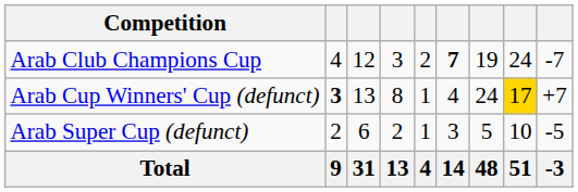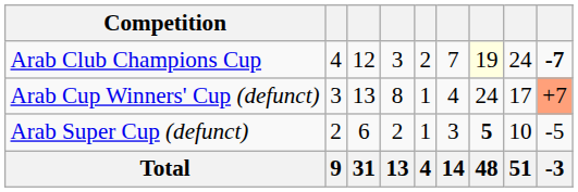 <table class="wikitable" style="text-align:center">
 <tr>
 <th>Competition</th>
 <th></th>
 <th></th>
 <th></th>
 <th></th>
 <th></th>
 <th></th>
 <th></th>
 <th></th>
 </tr>
 <tr>
 <td align=left><a href='#'>Arab Club Champions Cup</a></td>
 <td>4</td>
 <td>12</td>
 <td>3</td>
 <td>2</td>
-<td><strong>7</strong></td>
-<td>19</td>
+<td>7</td>
+<td style="background: lightyellow;">19</td>
 <td>24</td>
-<td>-7</td>
+<td><strong>-7</strong></td>
 </tr>
 <tr>
 <td align=left><a href='#'>Arab Cup Winners' Cup</a> <em>(defunct)</em></td>
-<td><strong>3</strong></td>
+<td>3</td>
 <td>13</td>
 <td>8</td>
 <td>1</td>
 <td>4</td>
 <td>24</td>
-<td style="background: gold;">17</td>
-<td>+7</td>
+<td>17</td>
+<td style="background: lightsalmon;">+7</td>
 </tr>
 <tr>
 <td align=left><a href='#'>Arab Super Cup</a> <em>(defunct)</em></td>
 <td>2</td>
 <td>6</td>
 <td>2</td>
 <td>1</td>
 <td>3</td>
-<td>5</td>
+<td><strong>5</strong></td>
 <td>10</td>
 <td>-5</td>
 </tr>
 <tr>
 <th>Total</th>
 <th>9</th>
 <th>31</th>
 <th>13</th>
 <th>4</th>
 <th>14</th>
 <th>48</th>
 <th>51</th>
 <th>-3</th>
 </tr>
 </table>
